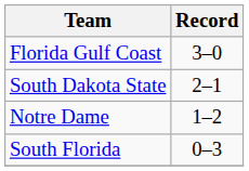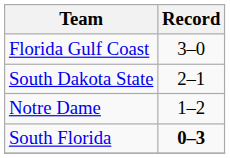 <table class="wikitable" style="text-align:center">
 <tr>
 <th>Team</th>
 <th>Record</th>
 </tr>
 <tr>
 <td align=left><a href='#'>Florida Gulf Coast</a></td>
 <td>3–0</td>
 </tr>
 <tr>
 <td align=left><a href='#'>South Dakota State</a></td>
 <td>2–1</td>
 </tr>
 <tr>
 <td align=left><a href='#'>Notre Dame</a></td>
 <td>1–2</td>
 </tr>
 <tr>
 <td align=left><a href='#'>South Florida</a></td>
-<td>0–3</td>
+<td><strong>0–3</strong></td>
 </tr>
 <tr>
 </tr>
 </table>
